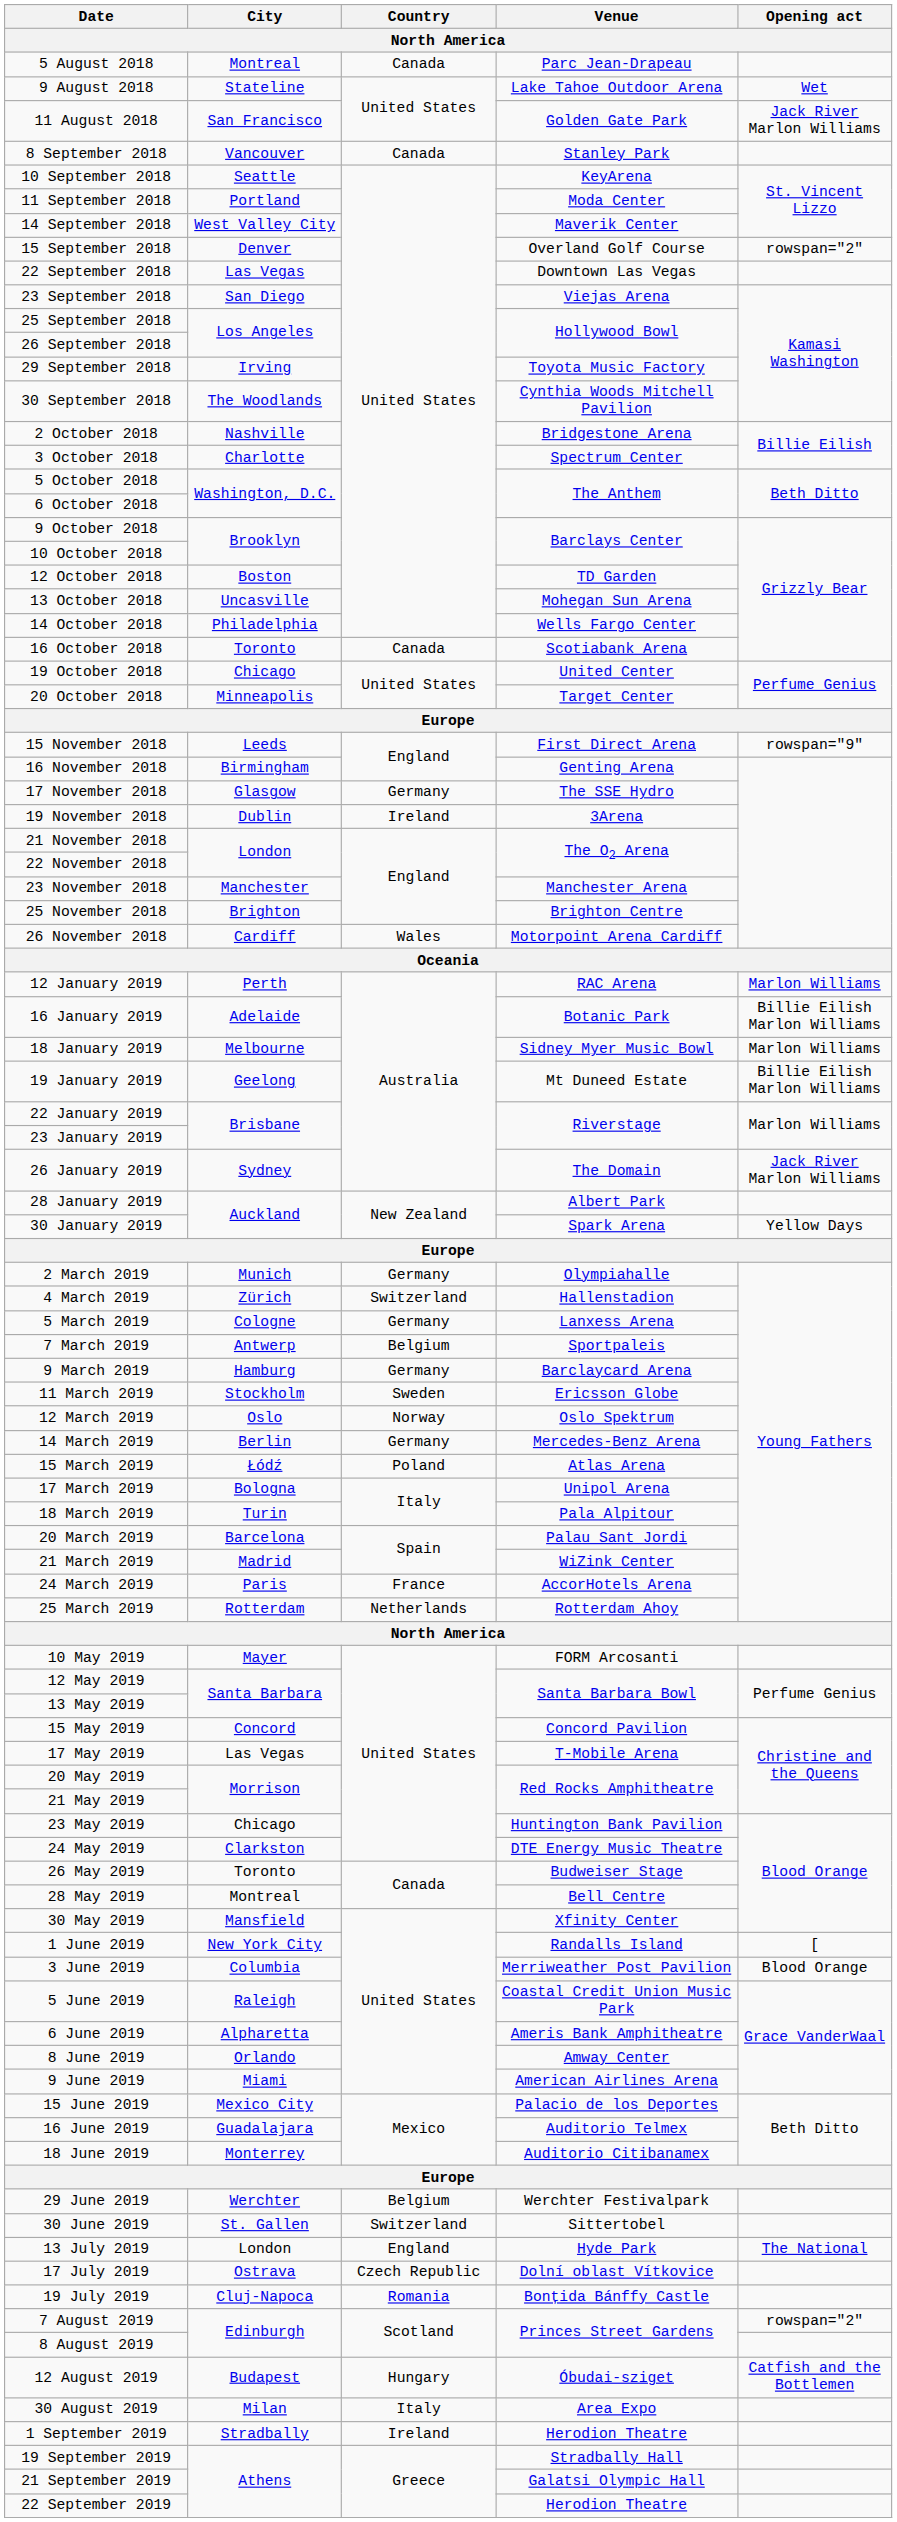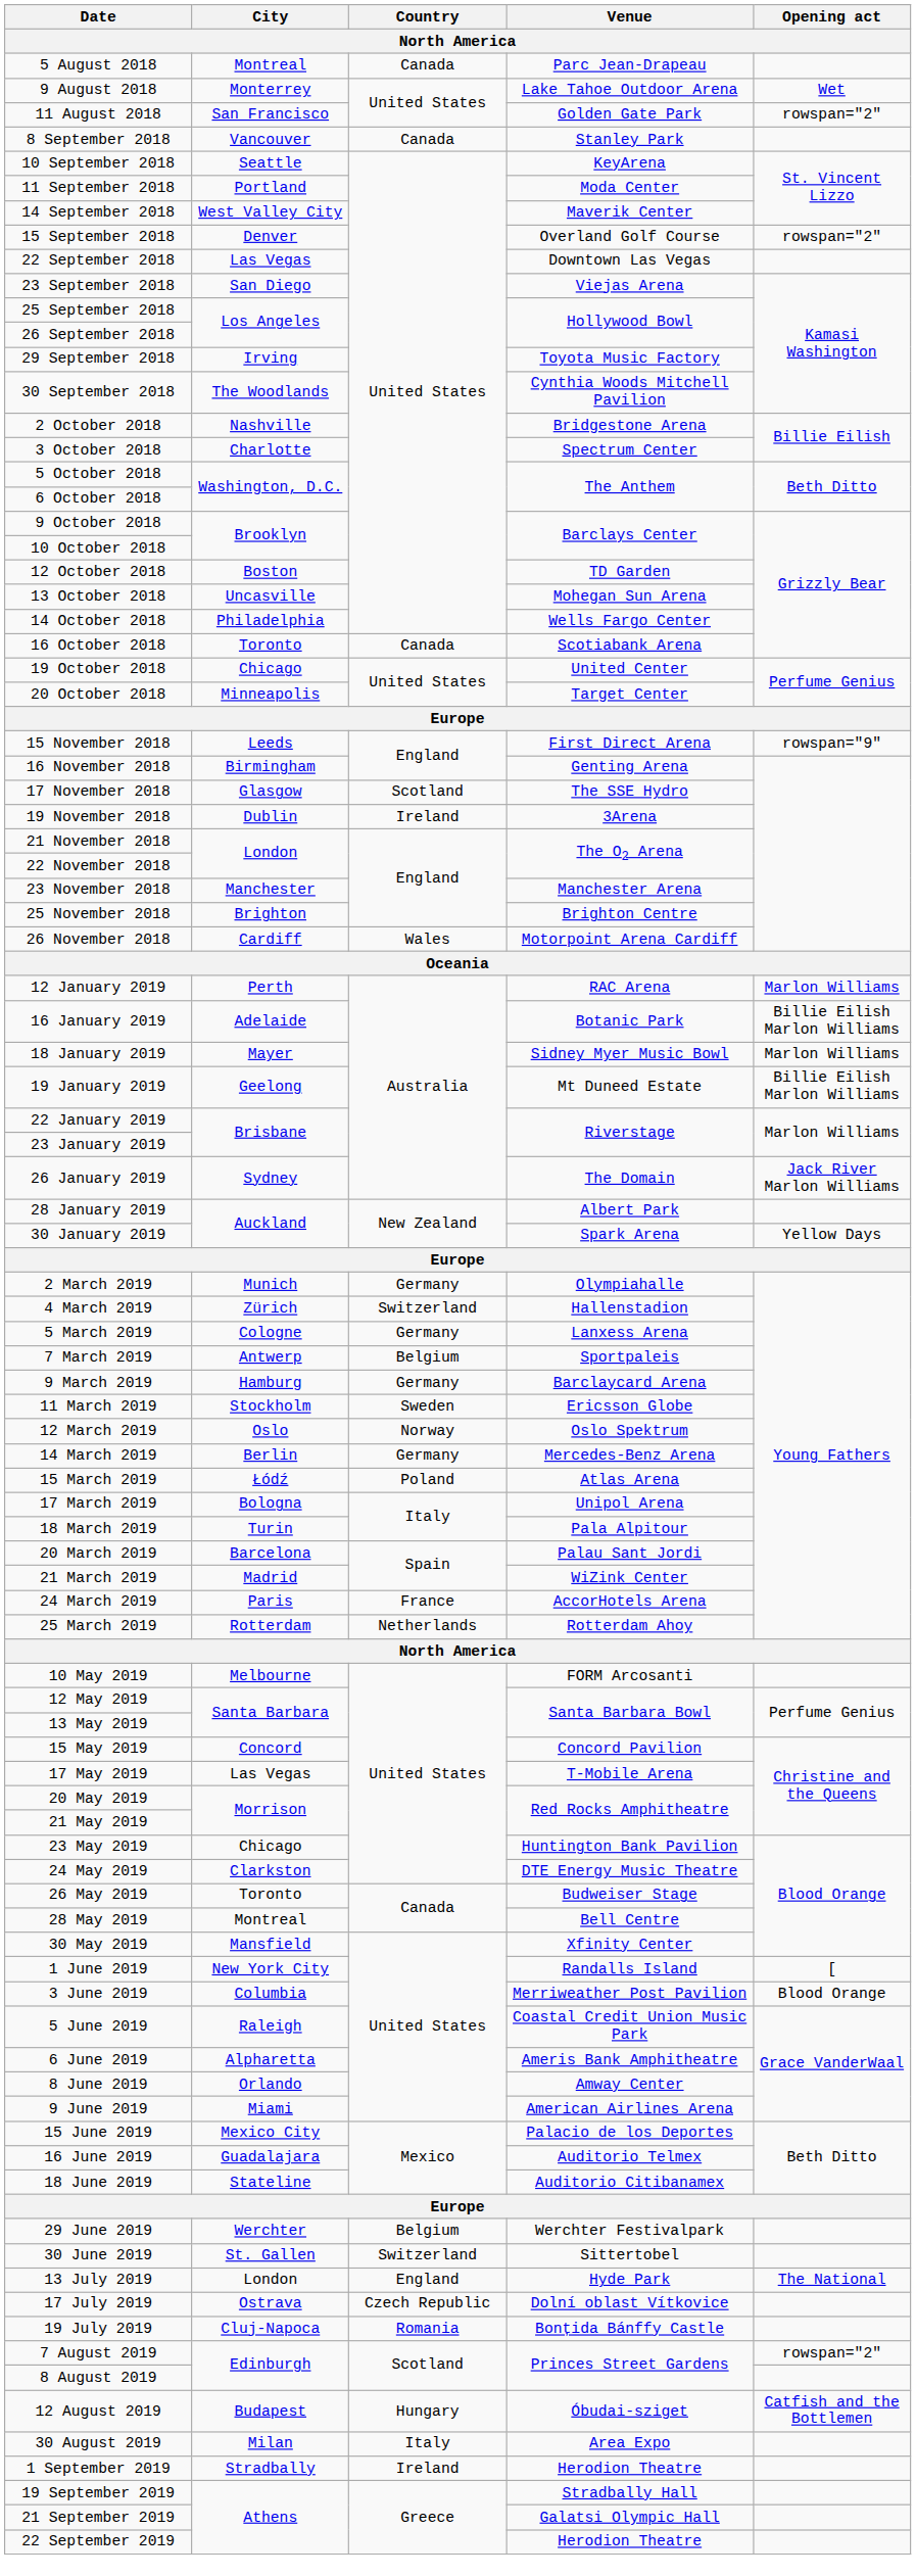 <table class="wikitable plainrowheaders" style="text-align:center;">
 <tr>
 <th scope="col" style="width:12em;">Date</th>
 <th scope="col" style="width:10em;">City</th>
 <th scope="col" style="width:10em;">Country</th>
 <th scope="col" style="width:16em;">Venue</th>
 <th scope="col" style="width:10em;">Opening act</th>
 </tr>
 <tr>
 <th colspan="5">North America</th>
 </tr>
 <tr>
 <td>5 August 2018</td>
 <td><a href='#'>Montreal</a></td>
 <td>Canada</td>
 <td><a href='#'>Parc Jean-Drapeau</a></td>
 <td></td>
 </tr>
 <tr>
 <td>9 August 2018</td>
-<td><a href='#'>Stateline</a></td>
+<td><a href='#'>Monterrey</a></td>
 <td rowspan="2">United States</td>
 <td><a href='#'>Lake Tahoe Outdoor Arena</a></td>
 <td><a href='#'>Wet</a></td>
 </tr>
 <tr>
 <td>11 August 2018</td>
 <td><a href='#'>San Francisco</a></td>
 <td><a href='#'>Golden Gate Park</a></td>
-<td><a href='#'>Jack River</a><br>Marlon Williams</td>
+<td>rowspan="2" </td>
 </tr>
 <tr>
 <td>8 September 2018</td>
 <td><a href='#'>Vancouver</a></td>
 <td>Canada</td>
 <td><a href='#'>Stanley Park</a></td>
 </tr>
 <tr>
 <td>10 September 2018</td>
 <td><a href='#'>Seattle</a></td>
 <td rowspan="19">United States</td>
 <td><a href='#'>KeyArena</a></td>
 <td rowspan="3"><a href='#'>St. Vincent</a><br><a href='#'>Lizzo</a></td>
 </tr>
 <tr>
 <td>11 September 2018</td>
 <td><a href='#'>Portland</a></td>
 <td><a href='#'>Moda Center</a></td>
 </tr>
 <tr>
 <td>14 September 2018</td>
 <td><a href='#'>West Valley City</a></td>
 <td><a href='#'>Maverik Center</a></td>
 </tr>
 <tr>
 <td>15 September 2018</td>
 <td><a href='#'>Denver</a></td>
 <td>Overland Golf Course</td>
 <td>rowspan="2" </td>
 </tr>
 <tr>
 <td>22 September 2018</td>
 <td><a href='#'>Las Vegas</a></td>
 <td>Downtown Las Vegas</td>
 </tr>
 <tr>
 <td>23 September 2018</td>
 <td><a href='#'>San Diego</a></td>
 <td><a href='#'>Viejas Arena</a></td>
 <td rowspan="5"><a href='#'>Kamasi Washington</a></td>
 </tr>
 <tr>
 <td>25 September 2018</td>
 <td rowspan="2"><a href='#'>Los Angeles</a></td>
 <td rowspan="2"><a href='#'>Hollywood Bowl</a></td>
 </tr>
 <tr>
 <td>26 September 2018</td>
 </tr>
 <tr>
 <td>29 September 2018</td>
 <td><a href='#'>Irving</a></td>
 <td><a href='#'>Toyota Music Factory</a></td>
 </tr>
 <tr>
 <td>30 September 2018</td>
 <td><a href='#'>The Woodlands</a></td>
 <td><a href='#'>Cynthia Woods Mitchell Pavilion</a></td>
 </tr>
 <tr>
 <td>2 October 2018</td>
 <td><a href='#'>Nashville</a></td>
 <td><a href='#'>Bridgestone Arena</a></td>
 <td rowspan="2"><a href='#'>Billie Eilish</a></td>
 </tr>
 <tr>
 <td>3 October 2018</td>
 <td><a href='#'>Charlotte</a></td>
 <td><a href='#'>Spectrum Center</a></td>
 </tr>
 <tr>
 <td>5 October 2018</td>
 <td rowspan="2"><a href='#'>Washington, D.C.</a></td>
 <td rowspan="2"><a href='#'>The Anthem</a></td>
 <td rowspan="2"><a href='#'>Beth Ditto</a></td>
 </tr>
 <tr>
 <td>6 October 2018</td>
 </tr>
 <tr>
 <td>9 October 2018</td>
 <td rowspan="2"><a href='#'>Brooklyn</a></td>
 <td rowspan="2"><a href='#'>Barclays Center</a></td>
 <td rowspan="6"><a href='#'>Grizzly Bear</a></td>
 </tr>
 <tr>
 <td>10 October 2018</td>
 </tr>
 <tr>
 <td>12 October 2018</td>
 <td><a href='#'>Boston</a></td>
 <td><a href='#'>TD Garden</a></td>
 </tr>
 <tr>
 <td>13 October 2018</td>
 <td><a href='#'>Uncasville</a></td>
 <td><a href='#'>Mohegan Sun Arena</a></td>
 </tr>
 <tr>
 <td>14 October 2018</td>
 <td><a href='#'>Philadelphia</a></td>
 <td><a href='#'>Wells Fargo Center</a></td>
 </tr>
 <tr>
 <td>16 October 2018</td>
 <td><a href='#'>Toronto</a></td>
 <td>Canada</td>
 <td><a href='#'>Scotiabank Arena</a></td>
 </tr>
 <tr>
 <td>19 October 2018</td>
 <td><a href='#'>Chicago</a></td>
 <td rowspan="2">United States</td>
 <td><a href='#'>United Center</a></td>
 <td rowspan="2"><a href='#'>Perfume Genius</a></td>
 </tr>
 <tr>
 <td>20 October 2018</td>
 <td><a href='#'>Minneapolis</a></td>
 <td><a href='#'>Target Center</a></td>
 </tr>
 <tr>
 <th colspan="5">Europe</th>
 </tr>
 <tr>
 <td>15 November 2018</td>
 <td><a href='#'>Leeds</a></td>
 <td rowspan="2">England</td>
 <td><a href='#'>First Direct Arena</a></td>
 <td>rowspan="9" </td>
 </tr>
 <tr>
 <td>16 November 2018</td>
 <td><a href='#'>Birmingham</a></td>
 <td><a href='#'>Genting Arena</a></td>
 </tr>
 <tr>
 <td>17 November 2018</td>
 <td><a href='#'>Glasgow</a></td>
-<td>Germany</td>
+<td>Scotland</td>
 <td><a href='#'>The SSE Hydro</a></td>
 </tr>
 <tr>
 <td>19 November 2018</td>
 <td><a href='#'>Dublin</a></td>
 <td>Ireland</td>
 <td><a href='#'>3Arena</a></td>
 </tr>
 <tr>
 <td>21 November 2018</td>
 <td rowspan="2"><a href='#'>London</a></td>
 <td rowspan="4">England</td>
 <td rowspan="2"><a href='#'>The O<sub>2</sub> Arena</a></td>
 </tr>
 <tr>
 <td>22 November 2018</td>
 </tr>
 <tr>
 <td>23 November 2018</td>
 <td><a href='#'>Manchester</a></td>
 <td><a href='#'>Manchester Arena</a></td>
 </tr>
 <tr>
 <td>25 November 2018</td>
 <td><a href='#'>Brighton</a></td>
 <td><a href='#'>Brighton Centre</a></td>
 </tr>
 <tr>
 <td>26 November 2018</td>
 <td><a href='#'>Cardiff</a></td>
 <td>Wales</td>
 <td><a href='#'>Motorpoint Arena Cardiff</a></td>
 </tr>
 <tr>
 <th colspan="5">Oceania</th>
 </tr>
 <tr>
 <td>12 January 2019</td>
 <td><a href='#'>Perth</a></td>
 <td rowspan="7">Australia</td>
 <td><a href='#'>RAC Arena</a></td>
 <td><a href='#'>Marlon Williams</a></td>
 </tr>
 <tr>
 <td>16 January 2019</td>
 <td><a href='#'>Adelaide</a></td>
 <td><a href='#'>Botanic Park</a></td>
 <td>Billie Eilish<br>Marlon Williams</td>
 </tr>
 <tr>
 <td>18 January 2019</td>
-<td><a href='#'>Melbourne</a></td>
+<td><a href='#'>Mayer</a></td>
 <td><a href='#'>Sidney Myer Music Bowl</a></td>
 <td>Marlon Williams</td>
 </tr>
 <tr>
 <td>19 January 2019</td>
 <td><a href='#'>Geelong</a></td>
 <td>Mt Duneed Estate</td>
 <td>Billie Eilish<br>Marlon Williams</td>
 </tr>
 <tr>
 <td>22 January 2019</td>
 <td rowspan="2"><a href='#'>Brisbane</a></td>
 <td rowspan="2"><a href='#'>Riverstage</a></td>
 <td rowspan="2">Marlon Williams</td>
 </tr>
 <tr>
 <td>23 January 2019</td>
 </tr>
 <tr>
 <td>26 January 2019</td>
 <td><a href='#'>Sydney</a></td>
 <td><a href='#'>The Domain</a></td>
 <td><a href='#'>Jack River</a><br>Marlon Williams</td>
 </tr>
 <tr>
 <td>28 January 2019</td>
 <td rowspan="2"><a href='#'>Auckland</a></td>
 <td rowspan="2">New Zealand</td>
 <td><a href='#'>Albert Park</a></td>
 <td></td>
 </tr>
 <tr>
 <td>30 January 2019</td>
 <td><a href='#'>Spark Arena</a></td>
 <td>Yellow Days</td>
 </tr>
 <tr>
 <th colspan="5">Europe</th>
 </tr>
 <tr>
 <td>2 March 2019</td>
 <td><a href='#'>Munich</a></td>
 <td>Germany</td>
 <td><a href='#'>Olympiahalle</a></td>
 <td rowspan="15"><a href='#'>Young Fathers</a></td>
 </tr>
 <tr>
 <td>4 March 2019</td>
 <td><a href='#'>Zürich</a></td>
 <td>Switzerland</td>
 <td><a href='#'>Hallenstadion</a></td>
 </tr>
 <tr>
 <td>5 March 2019</td>
 <td><a href='#'>Cologne</a></td>
 <td>Germany</td>
 <td><a href='#'>Lanxess Arena</a></td>
 </tr>
 <tr>
 <td>7 March 2019</td>
 <td><a href='#'>Antwerp</a></td>
 <td>Belgium</td>
 <td><a href='#'>Sportpaleis</a></td>
 </tr>
 <tr>
 <td>9 March 2019</td>
 <td><a href='#'>Hamburg</a></td>
 <td>Germany</td>
 <td><a href='#'>Barclaycard Arena</a></td>
 </tr>
 <tr>
 <td>11 March 2019</td>
 <td><a href='#'>Stockholm</a></td>
 <td>Sweden</td>
 <td><a href='#'>Ericsson Globe</a></td>
 </tr>
 <tr>
 <td>12 March 2019</td>
 <td><a href='#'>Oslo</a></td>
 <td>Norway</td>
 <td><a href='#'>Oslo Spektrum</a></td>
 </tr>
 <tr>
 <td>14 March 2019</td>
 <td><a href='#'>Berlin</a></td>
 <td>Germany</td>
 <td><a href='#'>Mercedes-Benz Arena</a></td>
 </tr>
 <tr>
 <td>15 March 2019</td>
 <td><a href='#'>Łódź</a></td>
 <td>Poland</td>
 <td><a href='#'>Atlas Arena</a></td>
 </tr>
 <tr>
 <td>17 March 2019</td>
 <td><a href='#'>Bologna</a></td>
 <td rowspan="2">Italy</td>
 <td><a href='#'>Unipol Arena</a></td>
 </tr>
 <tr>
 <td>18 March 2019</td>
 <td><a href='#'>Turin</a></td>
 <td><a href='#'>Pala Alpitour</a></td>
 </tr>
 <tr>
 <td>20 March 2019</td>
 <td><a href='#'>Barcelona</a></td>
 <td rowspan="2">Spain</td>
 <td><a href='#'>Palau Sant Jordi</a></td>
 </tr>
 <tr>
 <td>21 March 2019</td>
 <td><a href='#'>Madrid</a></td>
 <td><a href='#'>WiZink Center</a></td>
 </tr>
 <tr>
 <td>24 March 2019</td>
 <td><a href='#'>Paris</a></td>
 <td>France</td>
 <td><a href='#'>AccorHotels Arena</a></td>
 </tr>
 <tr>
 <td>25 March 2019</td>
 <td><a href='#'>Rotterdam</a></td>
 <td>Netherlands</td>
 <td><a href='#'>Rotterdam Ahoy</a></td>
 </tr>
 <tr>
 <th colspan="5">North America</th>
 </tr>
 <tr>
 <td>10 May 2019</td>
-<td><a href='#'>Mayer</a></td>
+<td><a href='#'>Melbourne</a></td>
 <td rowspan=9>United States</td>
 <td>FORM Arcosanti</td>
 <td></td>
 </tr>
 <tr>
 <td>12 May 2019</td>
 <td rowspan=2><a href='#'>Santa Barbara</a></td>
 <td rowspan=2><a href='#'>Santa Barbara Bowl</a></td>
 <td rowspan=2>Perfume Genius</td>
 </tr>
 <tr>
 <td>13 May 2019</td>
 </tr>
 <tr>
 <td>15 May 2019</td>
 <td><a href='#'>Concord</a></td>
 <td><a href='#'>Concord Pavilion</a></td>
 <td rowspan=4><a href='#'>Christine and the Queens</a></td>
 </tr>
 <tr>
 <td>17 May 2019</td>
 <td>Las Vegas</td>
 <td><a href='#'>T-Mobile Arena</a></td>
 </tr>
 <tr>
 <td>20 May 2019</td>
 <td rowspan=2><a href='#'>Morrison</a></td>
 <td rowspan=2><a href='#'>Red Rocks Amphitheatre</a></td>
 </tr>
 <tr>
 <td>21 May 2019</td>
 </tr>
 <tr>
 <td>23 May 2019</td>
 <td>Chicago</td>
 <td><a href='#'>Huntington Bank Pavilion</a></td>
 <td rowspan=5><a href='#'>Blood Orange</a></td>
 </tr>
 <tr>
 <td>24 May 2019</td>
 <td><a href='#'>Clarkston</a></td>
 <td><a href='#'>DTE Energy Music Theatre</a></td>
 </tr>
 <tr>
 <td>26 May 2019</td>
 <td>Toronto</td>
 <td rowspan=2>Canada</td>
 <td><a href='#'>Budweiser Stage</a></td>
 </tr>
 <tr>
 <td>28 May 2019</td>
 <td>Montreal</td>
 <td><a href='#'>Bell Centre</a></td>
 </tr>
 <tr>
 <td>30 May 2019</td>
 <td><a href='#'>Mansfield</a></td>
 <td rowspan=7>United States</td>
 <td><a href='#'>Xfinity Center</a></td>
 </tr>
 <tr>
 <td>1 June 2019</td>
 <td><a href='#'>New York City</a></td>
 <td><a href='#'>Randalls Island</a></td>
 <td>[</td>
 </tr>
 <tr>
 <td>3 June 2019</td>
 <td><a href='#'>Columbia</a></td>
 <td><a href='#'>Merriweather Post Pavilion</a></td>
 <td>Blood Orange</td>
 </tr>
 <tr>
 <td>5 June 2019</td>
 <td><a href='#'>Raleigh</a></td>
 <td><a href='#'>Coastal Credit Union Music Park</a></td>
 <td rowspan="4"><a href='#'>Grace VanderWaal</a></td>
 </tr>
 <tr>
 <td>6 June 2019</td>
 <td><a href='#'>Alpharetta</a></td>
 <td><a href='#'>Ameris Bank Amphitheatre</a></td>
 </tr>
 <tr>
 <td>8 June 2019</td>
 <td><a href='#'>Orlando</a></td>
 <td><a href='#'>Amway Center</a></td>
 </tr>
 <tr>
 <td>9 June 2019</td>
 <td><a href='#'>Miami</a></td>
 <td><a href='#'>American Airlines Arena</a></td>
 </tr>
 <tr>
 <td>15 June 2019</td>
 <td><a href='#'>Mexico City</a></td>
 <td rowspan=3>Mexico</td>
 <td><a href='#'>Palacio de los Deportes</a></td>
 <td rowspan="3">Beth Ditto</td>
 </tr>
 <tr>
 <td>16 June 2019</td>
 <td><a href='#'>Guadalajara</a></td>
 <td><a href='#'>Auditorio Telmex</a></td>
 </tr>
 <tr>
 <td>18 June 2019</td>
-<td><a href='#'>Monterrey</a></td>
+<td><a href='#'>Stateline</a></td>
 <td><a href='#'>Auditorio Citibanamex</a></td>
 </tr>
 <tr>
 <th colspan="6">Europe</th>
 </tr>
 <tr>
 <td>29 June 2019</td>
 <td><a href='#'>Werchter</a></td>
 <td>Belgium</td>
 <td>Werchter Festivalpark</td>
 <td></td>
 </tr>
 <tr>
 <td>30 June 2019</td>
 <td><a href='#'>St. Gallen</a></td>
 <td>Switzerland</td>
 <td>Sittertobel</td>
 <td></td>
 </tr>
 <tr>
 <td>13 July 2019</td>
 <td>London</td>
 <td>England</td>
 <td><a href='#'>Hyde Park</a></td>
 <td><a href='#'>The National</a></td>
 </tr>
 <tr>
 <td>17 July 2019</td>
 <td><a href='#'>Ostrava</a></td>
 <td>Czech Republic</td>
 <td><a href='#'>Dolní oblast Vítkovice</a></td>
 <td></td>
 </tr>
 <tr>
 <td>19 July 2019</td>
 <td><a href='#'>Cluj-Napoca</a></td>
 <td><a href='#'>Romania</a></td>
 <td><a href='#'>Bonțida Bánffy Castle</a></td>
 <td></td>
 </tr>
 <tr>
 <td>7 August 2019</td>
 <td rowspan="2"><a href='#'>Edinburgh</a></td>
 <td rowspan="2">Scotland</td>
 <td rowspan="2"><a href='#'>Princes Street Gardens</a></td>
 <td>rowspan="2" </td>
 </tr>
 <tr>
 <td>8 August 2019</td>
 </tr>
 <tr>
 <td>12 August 2019</td>
 <td><a href='#'>Budapest</a></td>
 <td>Hungary</td>
 <td><a href='#'>Óbudai-sziget</a></td>
 <td><a href='#'>Catfish and the Bottlemen</a></td>
 </tr>
 <tr>
 <td>30 August 2019</td>
 <td><a href='#'>Milan</a></td>
 <td>Italy</td>
 <td><a href='#'>Area Expo</a></td>
 <td></td>
 </tr>
 <tr>
 <td>1 September 2019</td>
 <td><a href='#'>Stradbally</a></td>
 <td>Ireland</td>
 <td rowspan="1"><a href='#'>Herodion Theatre</a></td>
 <td></td>
 </tr>
 <tr>
 <td>19 September 2019</td>
 <td rowspan="3"><a href='#'>Athens</a></td>
 <td rowspan="3">Greece</td>
 <td><a href='#'>Stradbally Hall</a></td>
 <td></td>
 </tr>
 <tr>
 <td>21 September 2019</td>
 <td><a href='#'>Galatsi Olympic Hall</a></td>
 <td></td>
 </tr>
 <tr>
 <td>22 September 2019</td>
 <td><a href='#'>Herodion Theatre</a></td>
 <td></td>
 </tr>
 <tr>
 </tr>
 </table>
